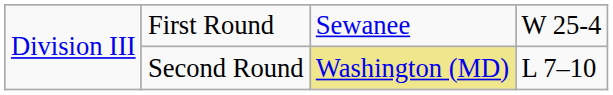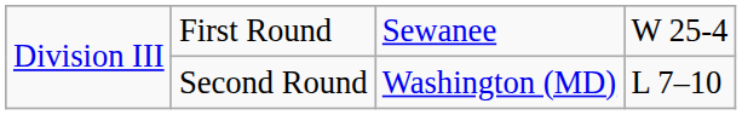 <table class="wikitable">
 <tr>
 <td rowspan="2"><a href='#'>Division III</a></td>
 <td>First Round</td>
 <td><a href='#'>Sewanee</a></td>
 <td>W 25-4</td>
 </tr>
 <tr>
 <td>Second Round</td>
-<td style="background: khaki;"><a href='#'>Washington (MD)</a></td>
+<td><a href='#'>Washington (MD)</a></td>
 <td>L 7–10</td>
 </tr>
 </table>
